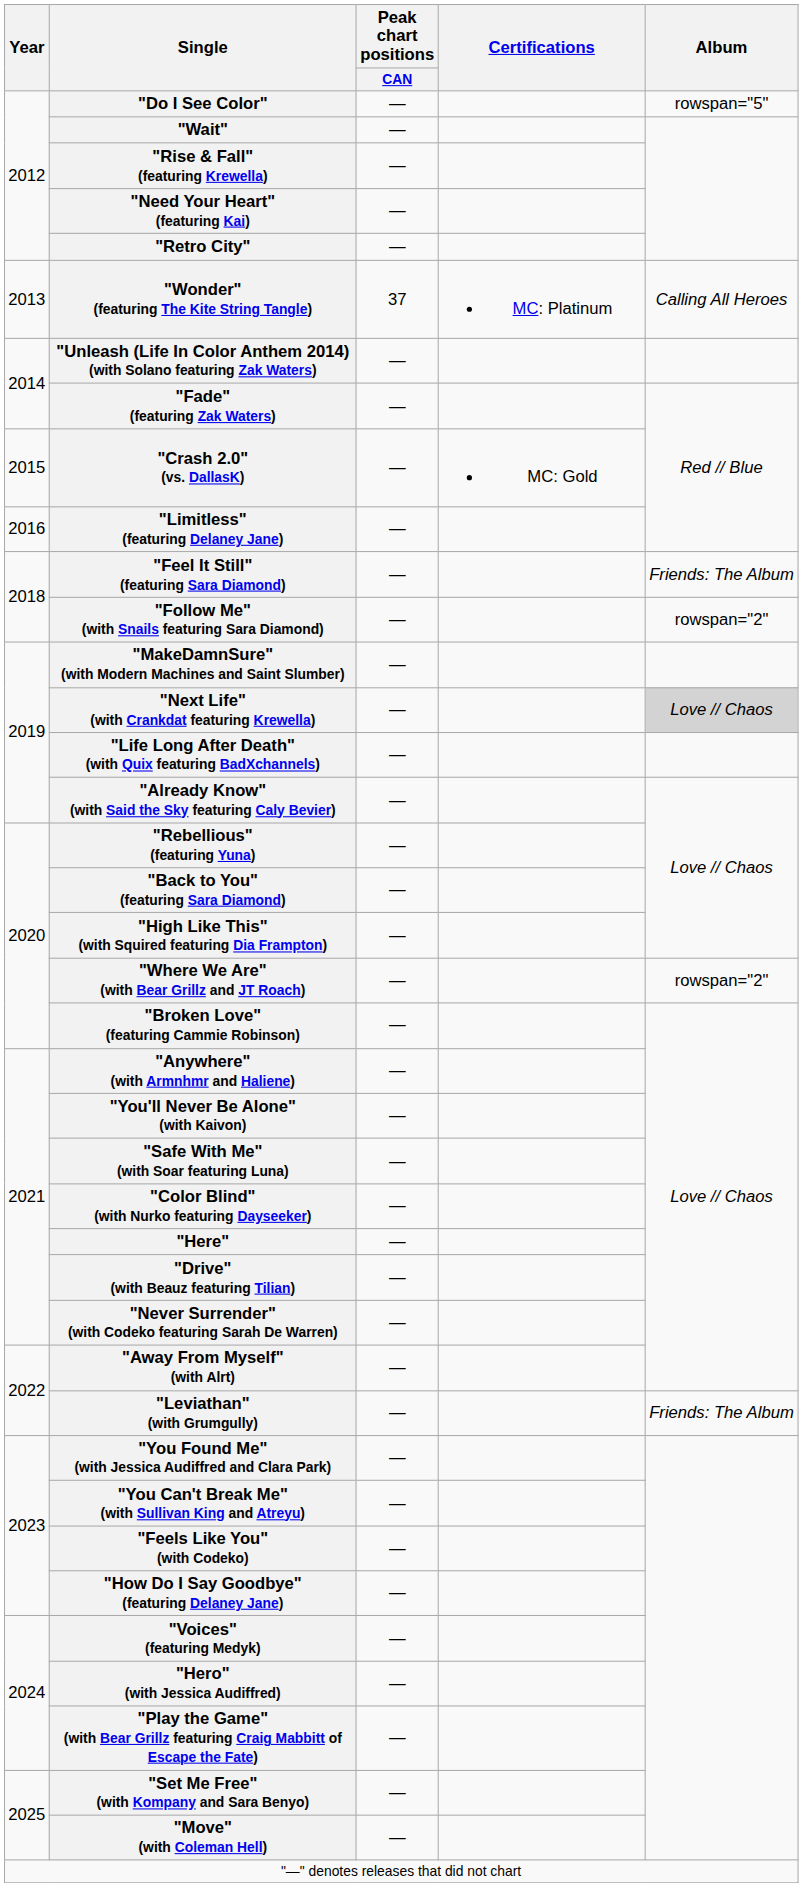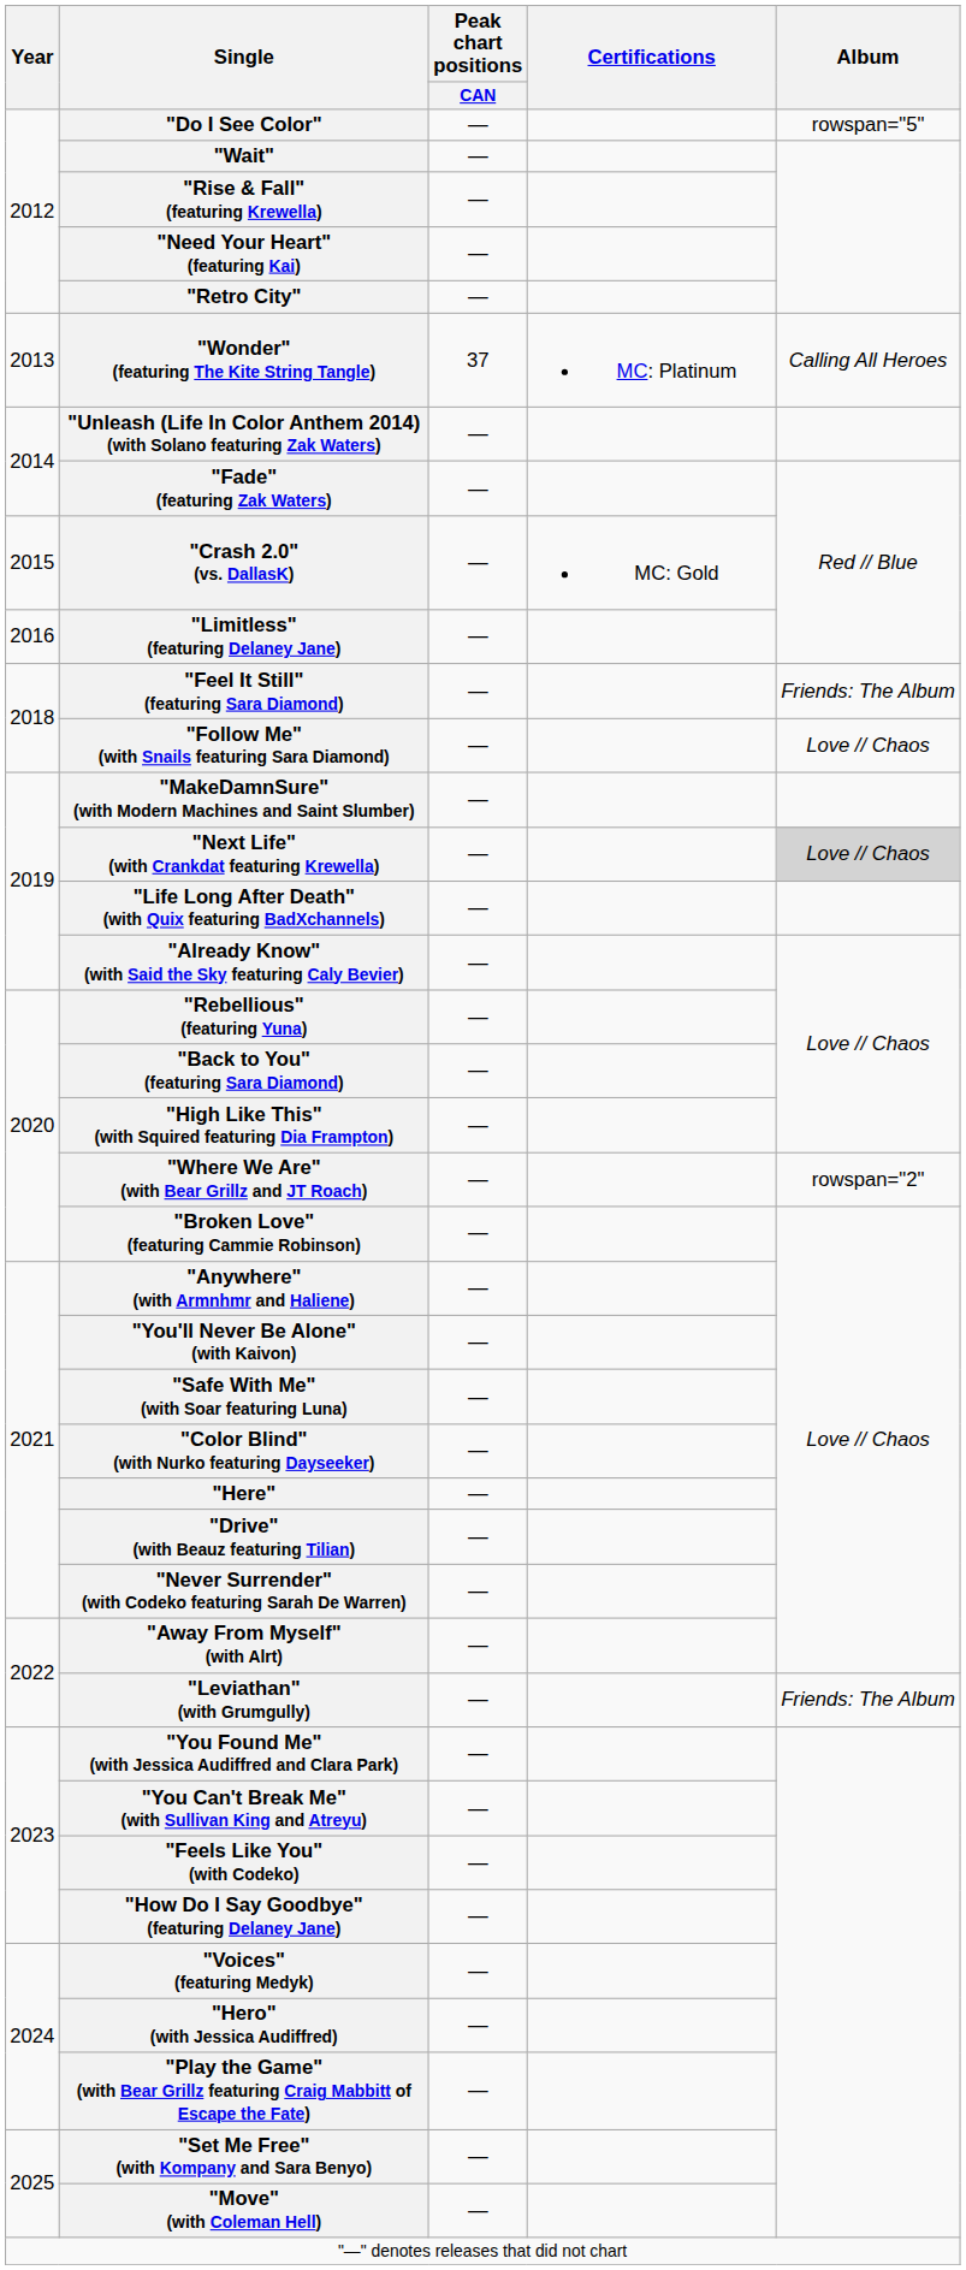 <table class="wikitable plainrowheaders" style="text-align:center;">
 <tr>
 <th rowspan="2">Year</th>
 <th rowspan="2" style="width:18em;">Single</th>
 <th colspan="1">Peak chart<br>positions</th>
 <th rowspan="2" style="width:12em;"><a href='#'>Certifications</a></th>
 <th rowspan="2">Album</th>
 </tr>
 <tr style="font-size:smaller;">
 <th width="45"><a href='#'>CAN</a><br></th>
 </tr>
 <tr>
 <td rowspan="5">2012</td>
 <th scope="row">"Do I See Color"</th>
 <td>—</td>
 <td></td>
 <td>rowspan="5" </td>
 </tr>
 <tr>
 <th scope="row">"Wait"</th>
 <td>—</td>
 <td></td>
 </tr>
 <tr>
 <th scope="row">"Rise & Fall" <br><small>(featuring <a href='#'>Krewella</a>)</small></th>
 <td>—</td>
 <td></td>
 </tr>
 <tr>
 <th scope="row">"Need Your Heart" <br><small>(featuring <a href='#'>Kai</a>)</small></th>
 <td>—</td>
 <td></td>
 </tr>
 <tr>
 <th scope="row">"Retro City"</th>
 <td>—</td>
 <td></td>
 </tr>
 <tr>
 <td>2013</td>
 <th scope="row">"Wonder" <br><small>(featuring <a href='#'>The Kite String Tangle</a>)</small></th>
 <td>37</td>
 <td><br><ul><li><a href='#'>MC</a>: Platinum</li></ul></td>
 <td align="center"><em>Calling All Heroes</em></td>
 </tr>
 <tr>
 <td rowspan="2">2014</td>
 <th scope="row">"Unleash (Life In Color Anthem 2014) <br><small>(with Solano featuring <a href='#'>Zak Waters</a>)</small></th>
 <td>—</td>
 <td></td>
 <td></td>
 </tr>
 <tr>
 <th scope="row">"Fade" <br><small>(featuring <a href='#'>Zak Waters</a>)</small></th>
 <td>—</td>
 <td></td>
 <td rowspan="3"><em>Red // Blue</em></td>
 </tr>
 <tr>
 <td>2015</td>
 <th scope="row">"Crash 2.0" <br><small>(vs. <a href='#'>DallasK</a>)</small></th>
 <td>—</td>
 <td><br><ul><li>MC: Gold</li></ul></td>
 </tr>
 <tr>
 <td>2016</td>
 <th scope="row">"Limitless" <br><small>(featuring <a href='#'>Delaney Jane</a>)</small></th>
 <td>—</td>
 <td></td>
 </tr>
 <tr>
 <td rowspan="2">2018</td>
 <th scope="row">"Feel It Still" <br><small>(featuring <a href='#'>Sara Diamond</a>)</small></th>
 <td>—</td>
 <td></td>
 <td><em>Friends: The Album</em></td>
 </tr>
 <tr>
 <th scope="row">"Follow Me" <br><small>(with <a href='#'>Snails</a> featuring Sara Diamond)</small></th>
 <td>—</td>
 <td></td>
-<td>rowspan="2" </td>
+<td><em>Love // Chaos</em></td>
 </tr>
 <tr>
 <td rowspan="4">2019</td>
 <th scope="row">"MakeDamnSure"<br><small>(with Modern Machines and Saint Slumber)</small></th>
 <td>—</td>
 <td></td>
 </tr>
 <tr>
 <th scope="row">"Next Life" <br><small>(with <a href='#'>Crankdat</a> featuring <a href='#'>Krewella</a>)</small></th>
 <td>—</td>
 <td></td>
 <td style="background: lightgrey;"><em>Love // Chaos</em></td>
 </tr>
 <tr>
 <th scope="row">"Life Long After Death" <br><small>(with <a href='#'>Quix</a> featuring <a href='#'>BadXchannels</a>)</small></th>
 <td>—</td>
 <td></td>
 <td></td>
 </tr>
 <tr>
 <th scope="row">"Already Know"<br><small>(with <a href='#'>Said the Sky</a> featuring <a href='#'>Caly Bevier</a>)</small></th>
 <td>—</td>
 <td></td>
 <td rowspan="4"><em>Love // Chaos</em></td>
 </tr>
 <tr>
 <td rowspan="5">2020</td>
 <th scope="row">"Rebellious"<br><small>(featuring <a href='#'>Yuna</a>)</small></th>
 <td>—</td>
 <td></td>
 </tr>
 <tr>
 <th scope="row">"Back to You"<br><small>(featuring <a href='#'>Sara Diamond</a>)</small></th>
 <td>—</td>
 <td></td>
 </tr>
 <tr>
 <th scope="row">"High Like This"<br><small>(with Squired featuring <a href='#'>Dia Frampton</a>)</small></th>
 <td>—</td>
 <td></td>
 </tr>
 <tr>
 <th scope="row">"Where We Are"<br><small>(with <a href='#'>Bear Grillz</a> and <a href='#'>JT Roach</a>)</small></th>
 <td>—</td>
 <td></td>
 <td>rowspan="2" </td>
 </tr>
 <tr>
 <th scope="row">"Broken Love" <br><small>(featuring Cammie Robinson)</small></th>
 <td>—</td>
 <td></td>
 <td rowspan="9"><em>Love // Chaos</em></td>
 </tr>
 <tr>
 <td rowspan="7">2021</td>
 <th scope="row">"Anywhere" <br><small>(with <a href='#'>Armnhmr</a> and <a href='#'>Haliene</a>)</small></th>
 <td>—</td>
 <td></td>
 </tr>
 <tr>
 <th scope="row">"You'll Never Be Alone" <br><small>(with Kaivon)</small></th>
 <td>—</td>
 <td></td>
 </tr>
 <tr>
 <th scope="row">"Safe With Me" <br><small>(with Soar featuring Luna)</small></th>
 <td>—</td>
 <td></td>
 </tr>
 <tr>
 <th scope="row">"Color Blind" <br><small>(with Nurko featuring <a href='#'>Dayseeker</a>)</small></th>
 <td>—</td>
 <td></td>
 </tr>
 <tr>
 <th scope="row">"Here"</th>
 <td>—</td>
 <td></td>
 </tr>
 <tr>
 <th scope="row">"Drive" <br><small>(with Beauz featuring <a href='#'>Tilian</a>)</small></th>
 <td>—</td>
 <td></td>
 </tr>
 <tr>
 <th scope="row">"Never Surrender" <br><small>(with Codeko featuring Sarah De Warren)</small></th>
 <td>—</td>
 <td></td>
 </tr>
 <tr>
 <td rowspan="2">2022</td>
 <th scope="row">"Away From Myself" <br><small>(with Alrt)</small></th>
 <td>—</td>
 <td></td>
 </tr>
 <tr>
 <th scope="row">"Leviathan"<br><small>(with Grumgully)</small></th>
 <td>—</td>
 <td></td>
 <td><em>Friends: The Album</em></td>
 </tr>
 <tr>
 <td rowspan="4">2023</td>
 <th scope="row">"You Found Me"<br><small>(with Jessica Audiffred and Clara Park)</small></th>
 <td>—</td>
 <td></td>
 </tr>
 <tr>
 <th scope="row">"You Can't Break Me"<br><small>(with <a href='#'>Sullivan King</a> and <a href='#'>Atreyu</a>)</small></th>
 <td>—</td>
 <td></td>
 </tr>
 <tr>
 <th scope="row">"Feels Like You"<br><small>(with Codeko)</small></th>
 <td>—</td>
 <td></td>
 </tr>
 <tr>
 <th scope="row">"How Do I Say Goodbye"<br><small>(featuring <a href='#'>Delaney Jane</a>)</small></th>
 <td>—</td>
 <td></td>
 </tr>
 <tr>
 <td rowspan="3">2024</td>
 <th scope="row">"Voices"<br><small>(featuring Medyk)</small></th>
 <td>—</td>
 <td></td>
 </tr>
 <tr>
 <th scope="row">"Hero"<br><small>(with Jessica Audiffred)</small></th>
 <td>—</td>
 <td></td>
 </tr>
 <tr>
 <th scope="row">"Play the Game"<br><small>(with <a href='#'>Bear Grillz</a> featuring <a href='#'>Craig Mabbitt</a> of <a href='#'>Escape the Fate</a>)</small></th>
 <td>—</td>
 <td></td>
 </tr>
 <tr>
 <td rowspan="2">2025</td>
 <th scope="row">"Set Me Free"<br><small>(with <a href='#'>Kompany</a> and Sara Benyo)</small></th>
 <td>—</td>
 <td></td>
 </tr>
 <tr>
 <th scope="row">"Move"<br><small>(with <a href='#'>Coleman Hell</a>)</small></th>
 <td>—</td>
 <td></td>
 </tr>
 <tr>
 <td colspan="5" style="font-size:10pt">"—" denotes releases that did not chart</td>
 </tr>
 </table>
